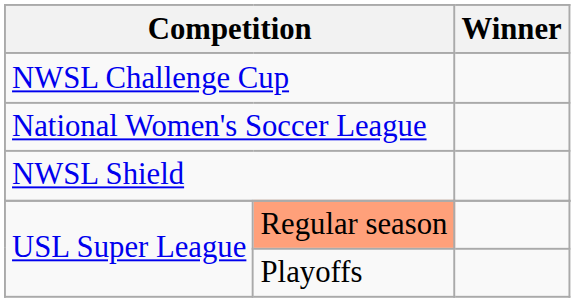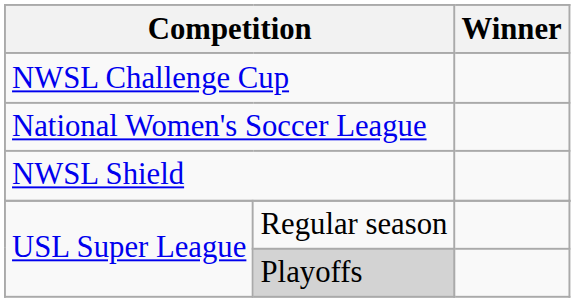 <table class="wikitable">
 <tr>
 <th colspan=2>Competition</th>
 <th>Winner</th>
 </tr>
 <tr>
 <td colspan=2><a href='#'>NWSL Challenge Cup</a></td>
 <td></td>
 </tr>
 <tr>
 <td colspan=2><a href='#'>National Women's Soccer League</a></td>
 <td></td>
 </tr>
 <tr>
 <td colspan=2><a href='#'>NWSL Shield</a></td>
 <td></td>
 </tr>
 <tr>
 </tr>
 <tr>
 <td rowspan=2><a href='#'>USL Super League</a></td>
-<td style="background: lightsalmon;">Regular season</td>
+<td>Regular season</td>
 <td></td>
 </tr>
 <tr>
-<td>Playoffs</td>
+<td style="background: lightgrey;">Playoffs</td>
 <td></td>
 </tr>
 </table>
